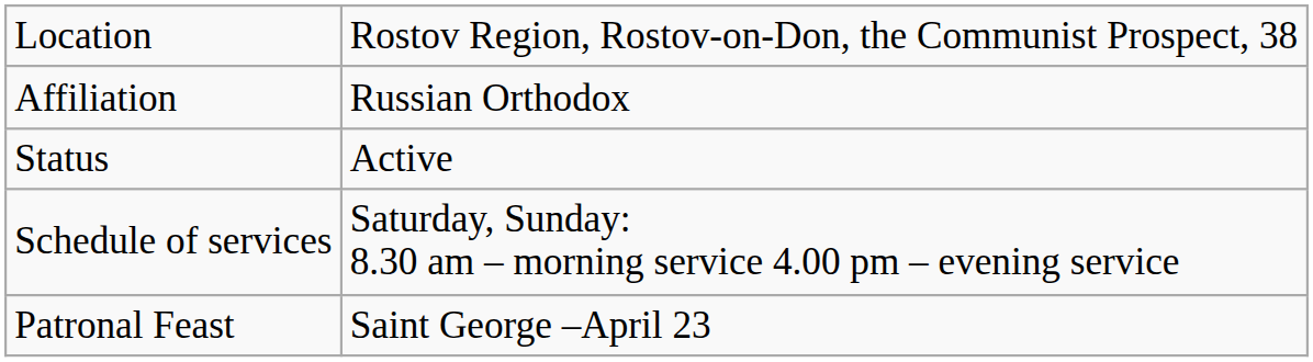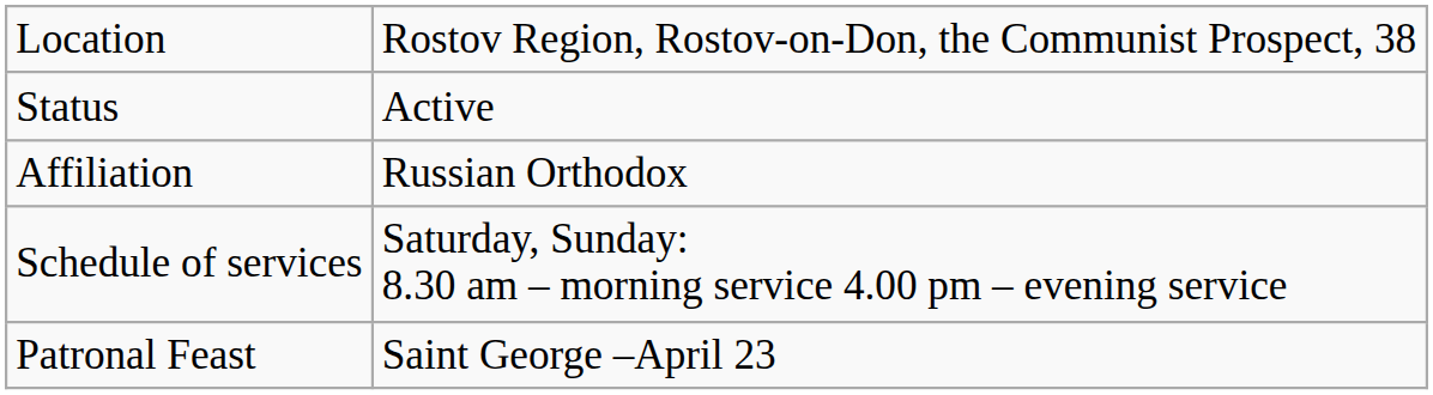 <table class="wikitable">
 <tr>
 <td>Location</td>
 <td>Rostov Region, Rostov-on-Don, the Communist Prospect, 38</td>
 </tr>
 <tr>
+<td>Status</td>
+<td>Active</td>
+</tr>
+<tr>
 <td>Affiliation</td>
 <td>Russian Orthodox</td>
-</tr>
-<tr>
-<td>Status</td>
-<td>Active</td>
 </tr>
 <tr>
 <td>Schedule of services</td>
 <td>Saturday, Sunday:<br>8.30 am – morning service 4.00 pm – evening service</td>
 </tr>
 <tr>
 <td>Patronal Feast</td>
 <td>Saint George –April 23</td>
 </tr>
 </table>
